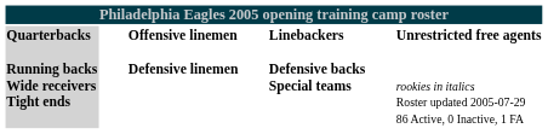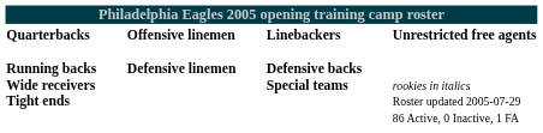 <table class="toccolours" style="text-align: left;">
 <tr>
 <th colspan="9" style="background-color: #003B48; color: #C4C8CB; text-align: center;"><strong>Philadelphia Eagles 2005 opening training camp roster</strong></th>
 </tr>
 <tr>
-<td style="background: lightgrey; font-size: 95%;" valign="top"><strong>Quarterbacks</strong><br>   <br><strong>Running backs</strong>         <br><strong>Wide receivers</strong>            <br><strong>Tight ends</strong>    </td>
+<td style="font-size: 95%;" valign="top"><strong>Quarterbacks</strong><br>   <br><strong>Running backs</strong>         <br><strong>Wide receivers</strong>            <br><strong>Tight ends</strong>    </td>
 <td style="width: 25px;"></td>
 <td style="font-size: 95%;" valign="top"><strong>Offensive linemen</strong><br>              <br><strong>Defensive linemen</strong>            </td>
 <td style="width: 25px;"></td>
 <td style="font-size: 95%;" valign="top"><strong>Linebackers</strong><br>          <br><strong>Defensive backs</strong>              <br><strong>Special teams</strong>     </td>
 <td style="width: 25px;"></td>
 <td style="font-size: 95%;" valign="top"><strong>Unrestricted free agents</strong><br><br><br> <small><em>rookies in italics</em></small><br> <small>Roster updated 2005-07-29</small><br> <small>86 Active, 0 Inactive, 1 FA</small></td>
 </tr>
 </table>
